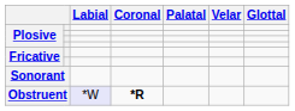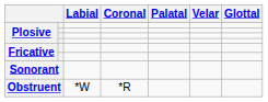 <table class="wikitable" style="text-align:center;">
 <tr>
 <th colspan="2"></th>
 <th><a href='#'>Labial</a></th>
 <th><a href='#'>Coronal</a></th>
 <th><a href='#'>Palatal</a></th>
 <th><a href='#'>Velar</a></th>
 <th><a href='#'>Glottal</a></th>
 </tr>
 <tr>
 <th rowspan="4"><a href='#'>Plosive</a></th>
 <th></th>
 <td></td>
 <td></td>
 <td></td>
 <td></td>
 <td></td>
 </tr>
 <tr>
 <th></th>
 <td></td>
 <td></td>
 <td></td>
 <td></td>
 <td></td>
 </tr>
 <tr>
 <th></th>
 <td></td>
 <td></td>
 <td></td>
 <td></td>
 <td></td>
 </tr>
 <tr>
 <th></th>
 <td></td>
 <td></td>
 <td></td>
 <td></td>
 <td></td>
 </tr>
 <tr>
 <th rowspan="2"><a href='#'>Fricative</a></th>
 <th></th>
 <td></td>
 <td></td>
 <td></td>
 <td></td>
 <td></td>
 </tr>
 <tr>
 <th></th>
 <td></td>
 <td></td>
 <td></td>
 <td></td>
 <td></td>
 </tr>
 <tr>
 <th colspan="2"><a href='#'>Sonorant</a></th>
 <td></td>
 <td></td>
 <td></td>
 <td></td>
 <td></td>
 </tr>
 <tr>
 <th colspan="2"><a href='#'>Obstruent</a></th>
-<td style="background: lavender;">*W</td>
-<td><strong>*R</strong></td>
+<td>*W</td>
+<td>*R</td>
 <td></td>
 <td></td>
 <td></td>
 </tr>
 </table>
